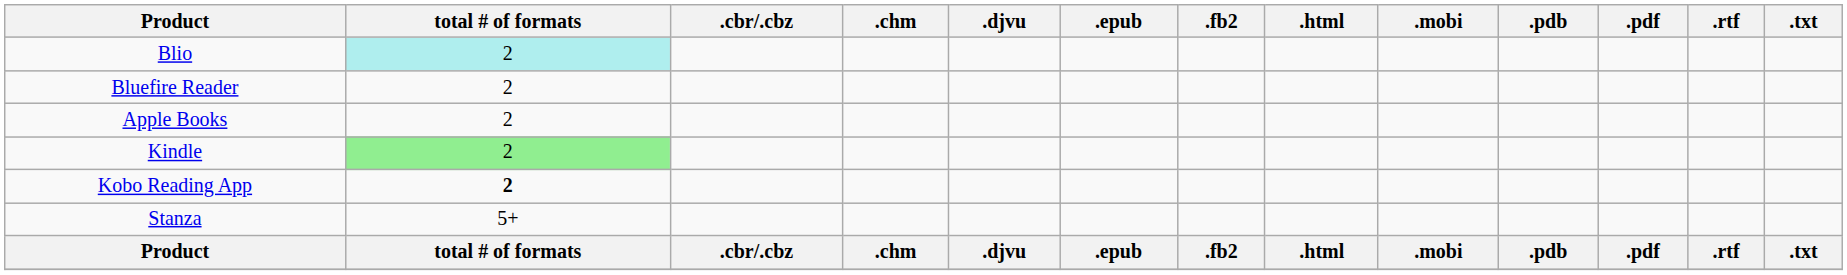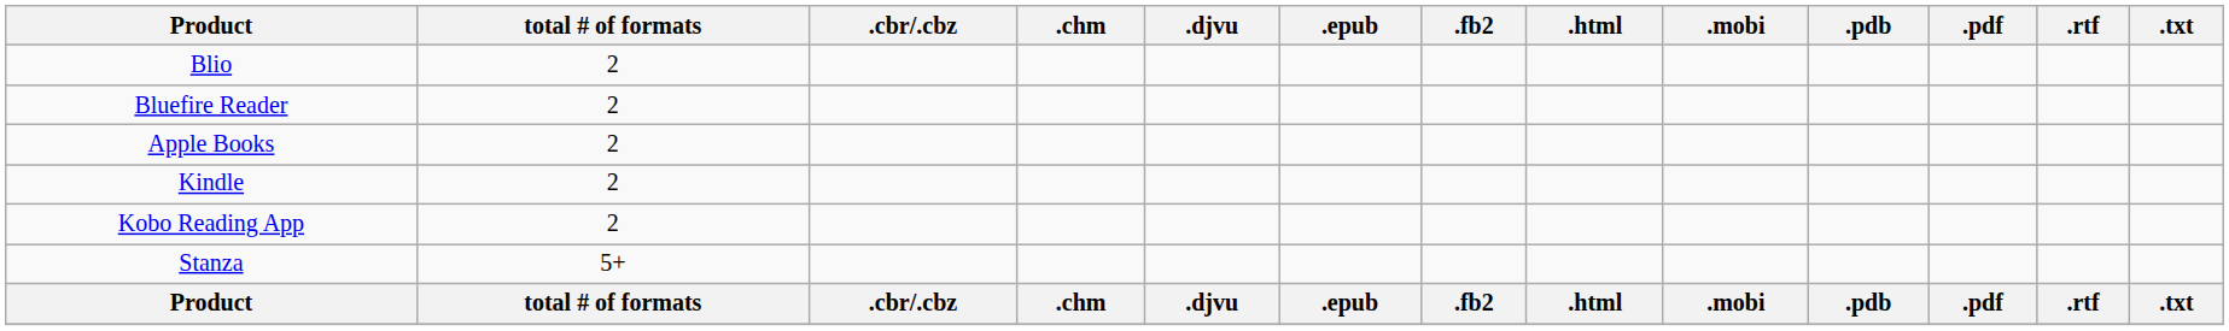 <table class="wikitable sortable sort-under" style="font-size:85%; width:99%; text-align:center;">
 <tr>
 <th>Product</th>
 <th>total # of formats</th>
 <th>.cbr/.cbz</th>
 <th>.chm</th>
 <th>.djvu</th>
 <th>.epub</th>
 <th>.fb2</th>
 <th>.html</th>
 <th>.mobi</th>
 <th>.pdb</th>
 <th>.pdf</th>
 <th>.rtf</th>
 <th>.txt</th>
 </tr>
 <tr>
 <td><a href='#'>Blio</a></td>
-<td style="background: paleturquoise;">2</td>
+<td>2</td>
 <td></td>
 <td></td>
 <td></td>
 <td></td>
 <td></td>
 <td></td>
 <td></td>
 <td></td>
 <td></td>
 <td></td>
 <td></td>
 </tr>
 <tr>
 <td><a href='#'>Bluefire Reader</a></td>
 <td>2</td>
 <td></td>
 <td></td>
 <td></td>
 <td></td>
 <td></td>
 <td></td>
 <td></td>
 <td></td>
 <td></td>
 <td></td>
 <td></td>
 </tr>
 <tr>
 <td><a href='#'>Apple Books</a></td>
 <td>2</td>
 <td></td>
 <td></td>
 <td></td>
 <td></td>
 <td></td>
 <td></td>
 <td></td>
 <td></td>
 <td></td>
 <td></td>
 <td></td>
 </tr>
 <tr>
 <td><a href='#'>Kindle</a></td>
-<td style="background: lightgreen;">2</td>
+<td>2</td>
 <td></td>
 <td></td>
 <td></td>
 <td></td>
 <td></td>
 <td></td>
 <td></td>
 <td></td>
 <td></td>
 <td></td>
 <td></td>
 </tr>
 <tr>
 <td><a href='#'>Kobo Reading App</a></td>
-<td><strong>2</strong></td>
+<td>2</td>
 <td></td>
 <td></td>
 <td></td>
 <td></td>
 <td></td>
 <td></td>
 <td></td>
 <td></td>
 <td></td>
 <td></td>
 <td></td>
 </tr>
 <tr>
 <td><a href='#'>Stanza</a></td>
 <td>5+</td>
 <td></td>
 <td></td>
 <td></td>
 <td></td>
 <td></td>
 <td></td>
 <td></td>
 <td></td>
 <td></td>
 <td></td>
 <td></td>
 </tr>
 <tr>
 <th>Product</th>
 <th>total # of formats</th>
 <th>.cbr/.cbz</th>
 <th>.chm</th>
 <th>.djvu</th>
 <th>.epub</th>
 <th>.fb2</th>
 <th>.html</th>
 <th>.mobi</th>
 <th>.pdb</th>
 <th>.pdf</th>
 <th>.rtf</th>
 <th>.txt</th>
 </tr>
 <tr>
 </tr>
 </table>
